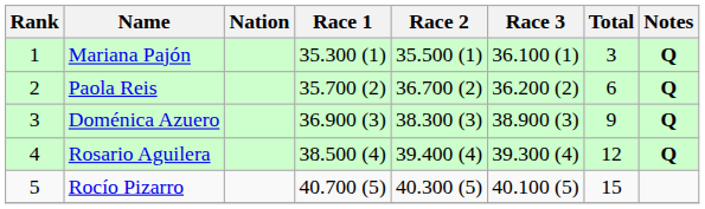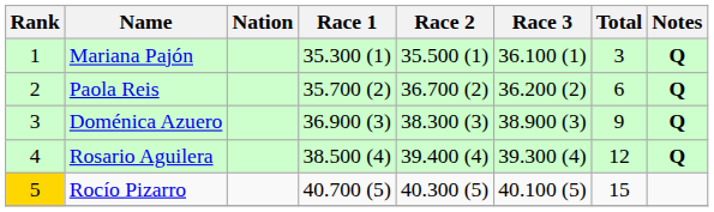 <table class="wikitable sortable" style="text-align:center">
 <tr>
 <th>Rank</th>
 <th>Name</th>
 <th>Nation</th>
 <th>Race 1</th>
 <th>Race 2</th>
 <th>Race 3</th>
 <th>Total</th>
 <th>Notes</th>
 </tr>
 <tr bgcolor=ccffcc>
 <td>1</td>
 <td align=left><a href='#'>Mariana Pajón</a></td>
 <td align=left></td>
 <td>35.300 (1)</td>
 <td>35.500 (1)</td>
 <td>36.100 (1)</td>
 <td>3</td>
 <td><strong>Q</strong></td>
 </tr>
 <tr bgcolor=ccffcc>
 <td>2</td>
 <td align=left><a href='#'>Paola Reis</a></td>
 <td align=left></td>
 <td>35.700 (2)</td>
 <td>36.700 (2)</td>
 <td>36.200 (2)</td>
 <td>6</td>
 <td><strong>Q</strong></td>
 </tr>
 <tr bgcolor=ccffcc>
 <td>3</td>
 <td align=left><a href='#'>Doménica Azuero</a></td>
 <td align=left></td>
 <td>36.900 (3)</td>
 <td>38.300 (3)</td>
 <td>38.900 (3)</td>
 <td>9</td>
 <td><strong>Q</strong></td>
 </tr>
 <tr bgcolor=ccffcc>
 <td>4</td>
 <td align=left><a href='#'>Rosario Aguilera</a></td>
 <td align=left></td>
 <td>38.500 (4)</td>
 <td>39.400 (4)</td>
 <td>39.300 (4)</td>
 <td>12</td>
 <td><strong>Q</strong></td>
 </tr>
 <tr>
-<td>5</td>
+<td style="background: gold;">5</td>
 <td align=left><a href='#'>Rocío Pizarro</a></td>
 <td align=left></td>
 <td>40.700 (5)</td>
 <td>40.300 (5)</td>
 <td>40.100 (5)</td>
 <td>15</td>
 <td></td>
 </tr>
 <tr>
 </tr>
 </table>
